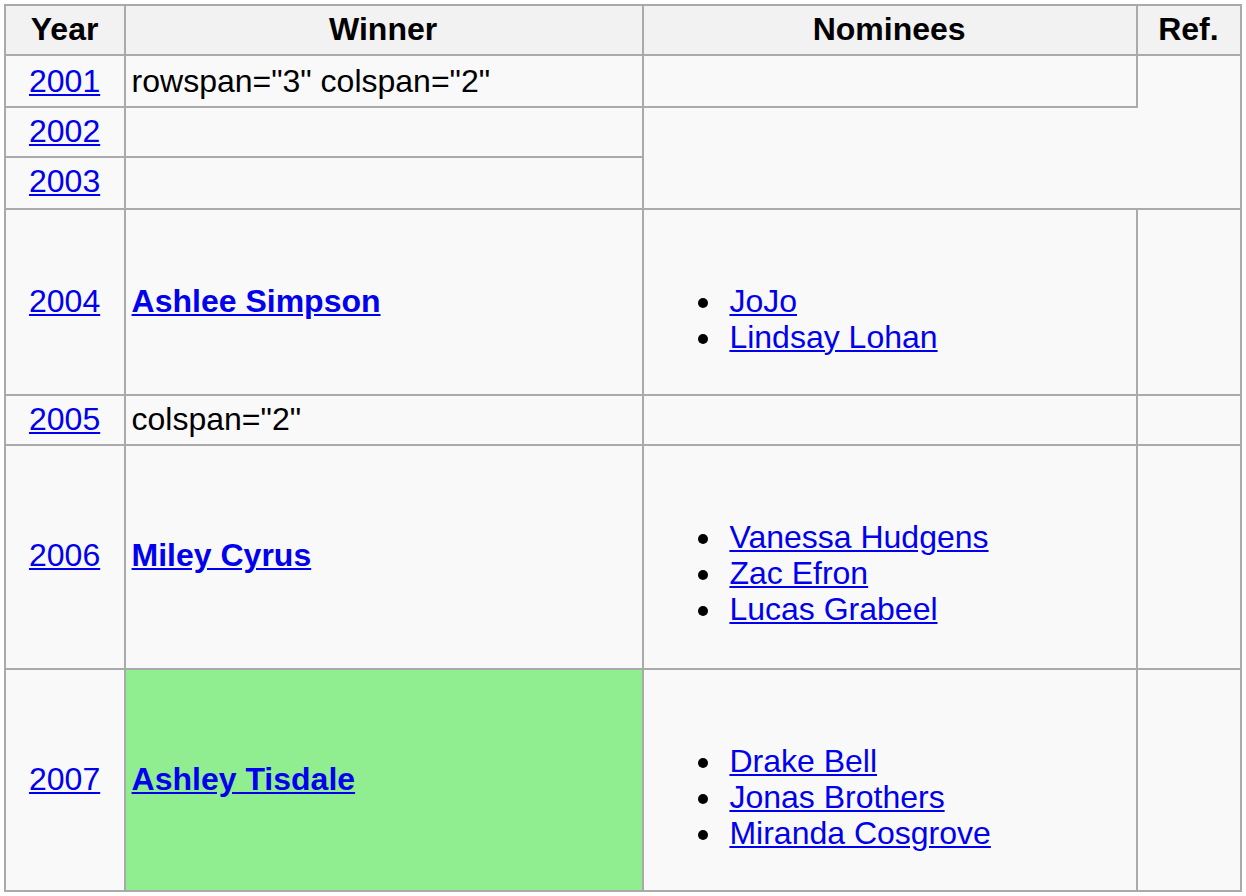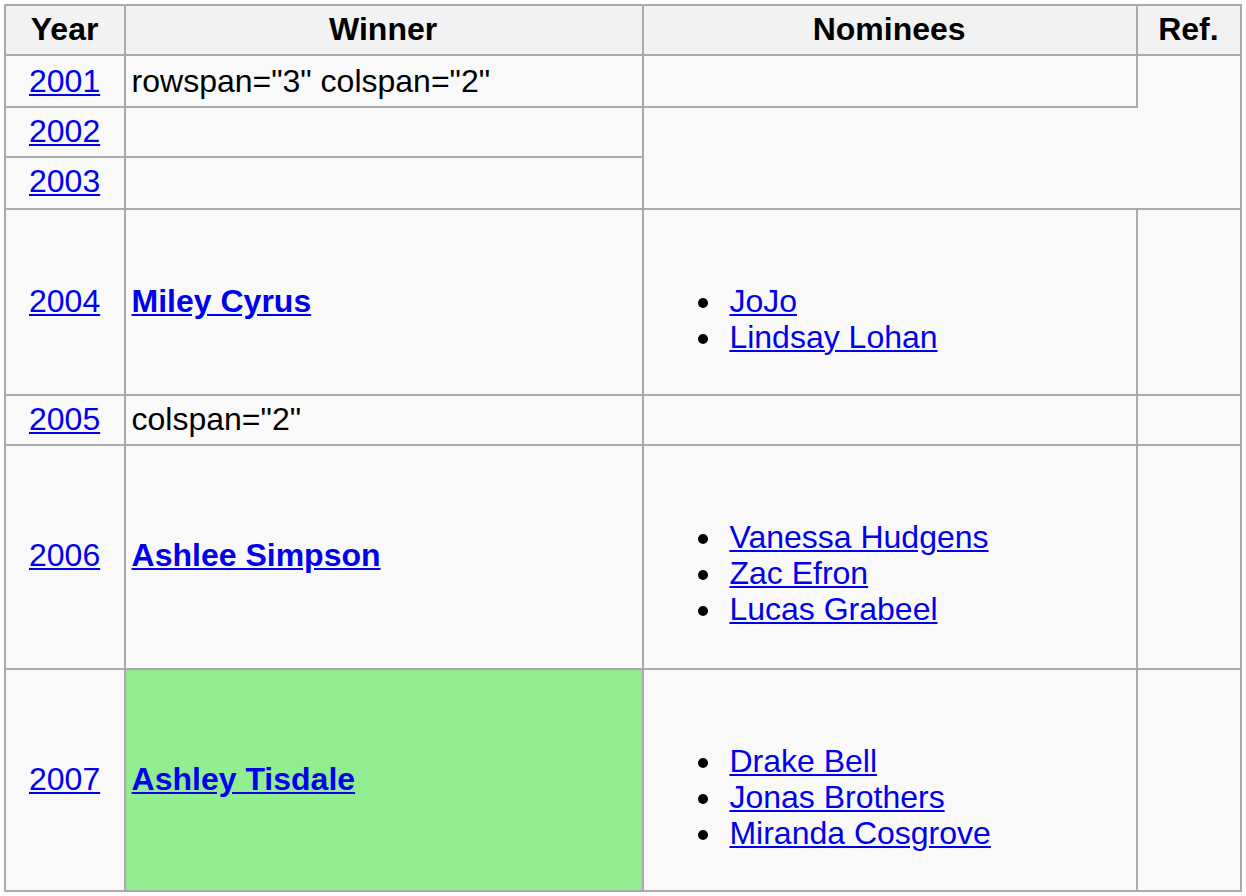 <table class="wikitable" width=70%>
 <tr>
 <th>Year</th>
 <th>Winner</th>
 <th>Nominees</th>
 <th>Ref.</th>
 </tr>
 <tr>
 <td align="center"><a href='#'>2001</a></td>
 <td>rowspan="3" colspan="2" </td>
 <td align="center"></td>
 </tr>
 <tr>
 <td align="center"><a href='#'>2002</a></td>
 <td align="center"></td>
 </tr>
 <tr>
 <td align="center"><a href='#'>2003</a></td>
 <td align="center"></td>
 </tr>
 <tr>
 <td align="center"><a href='#'>2004</a></td>
-<td><strong><a href='#'>Ashlee Simpson</a></strong></td>
+<td><strong><a href='#'>Miley Cyrus</a></strong></td>
 <td><br><ul><li><a href='#'>JoJo</a></li><li><a href='#'>Lindsay Lohan</a></li></ul></td>
 <td align="center"></td>
 </tr>
 <tr>
 <td align="center"><a href='#'>2005</a></td>
 <td>colspan="2" </td>
 <td align="center"></td>
 </tr>
 <tr>
 <td align="center"><a href='#'>2006</a></td>
-<td><strong><a href='#'>Miley Cyrus</a></strong></td>
+<td><strong><a href='#'>Ashlee Simpson</a></strong></td>
 <td><br><ul><li><a href='#'>Vanessa Hudgens</a></li><li><a href='#'>Zac Efron</a></li><li><a href='#'>Lucas Grabeel</a></li></ul></td>
 <td align="center"></td>
 </tr>
 <tr>
 <td align="center"><a href='#'>2007</a></td>
 <td style="background: lightgreen;"><strong><a href='#'>Ashley Tisdale</a></strong></td>
 <td><br><ul><li><a href='#'>Drake Bell</a></li><li><a href='#'>Jonas Brothers</a></li><li><a href='#'>Miranda Cosgrove</a></li></ul></td>
 <td align="center"></td>
 </tr>
 <tr>
 </tr>
 </table>
